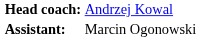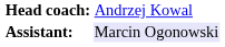 <table>
 <tr>
 <td><strong>Head coach:</strong></td>
 <td> <a href='#'>Andrzej Kowal</a></td>
 </tr>
 <tr>
 <td><strong>Assistant:</strong></td>
-<td> Marcin Ogonowski</td>
+<td style="background: lavender;"> Marcin Ogonowski</td>
 </tr>
 <tr>
 </tr>
 </table>
